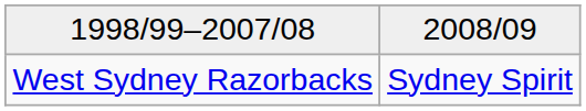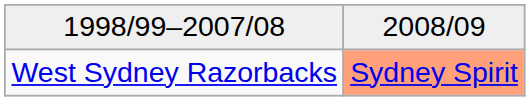 <table class="wikitable">
 <tr align=center>
 <td style="background:#efefef;">1998/99–2007/08</td>
 <td style="background:#efefef;">2008/09</td>
 </tr>
 <tr align=center>
 <td><a href='#'>West Sydney Razorbacks</a></td>
-<td><a href='#'>Sydney Spirit</a></td>
+<td style="background: lightsalmon;"><a href='#'>Sydney Spirit</a></td>
 </tr>
 </table>
